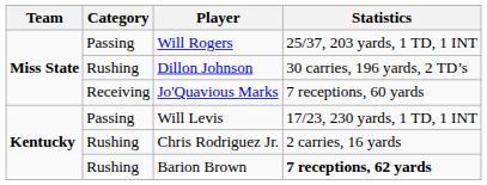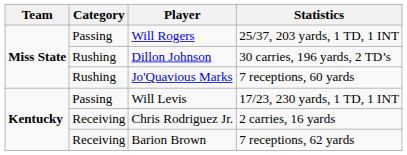 <table class="wikitable" style="float: right;">
 <tr>
 <th>Team</th>
 <th>Category</th>
 <th>Player</th>
 <th>Statistics</th>
 </tr>
 <tr>
 <td rowspan=3><strong>Miss State</strong></td>
 <td>Passing</td>
 <td><a href='#'>Will Rogers</a></td>
 <td>25/37, 203 yards, 1 TD, 1 INT</td>
 </tr>
 <tr>
 <td>Rushing</td>
 <td><a href='#'>Dillon Johnson</a></td>
 <td>30 carries, 196 yards, 2 TD’s</td>
 </tr>
 <tr>
-<td>Receiving</td>
+<td>Rushing</td>
 <td><a href='#'>Jo'Quavious Marks</a></td>
 <td>7 receptions, 60 yards</td>
 </tr>
 <tr>
 <td rowspan=3><strong>Kentucky</strong></td>
 <td>Passing</td>
 <td>Will Levis</td>
 <td>17/23, 230 yards, 1 TD, 1 INT</td>
 </tr>
 <tr>
-<td>Rushing</td>
+<td>Receiving</td>
 <td>Chris Rodriguez Jr.</td>
 <td>2 carries, 16 yards</td>
 </tr>
 <tr>
-<td>Rushing</td>
+<td>Receiving</td>
 <td>Barion Brown</td>
-<td><strong>7 receptions, 62 yards</strong></td>
+<td>7 receptions, 62 yards</td>
 </tr>
 </table>
